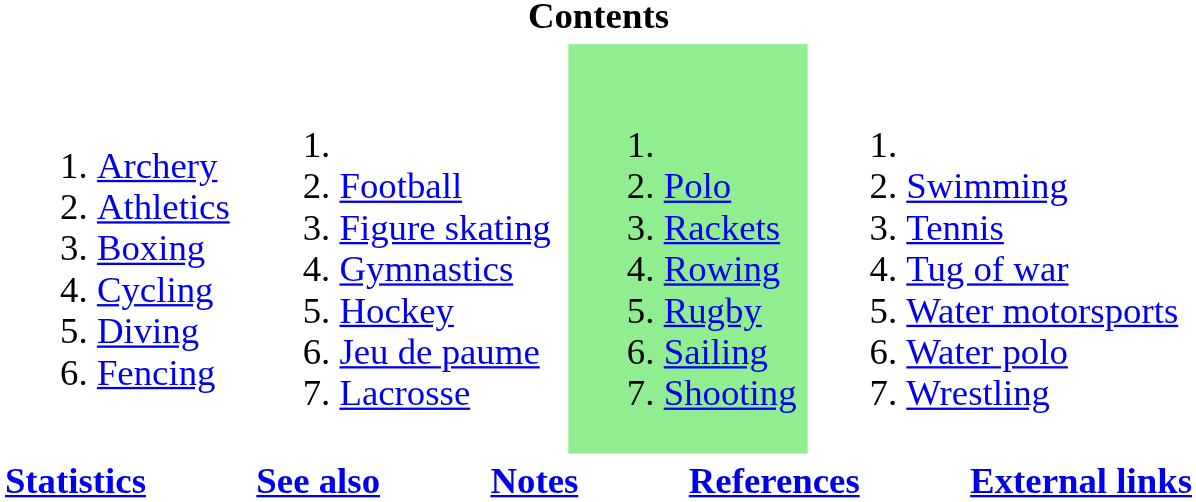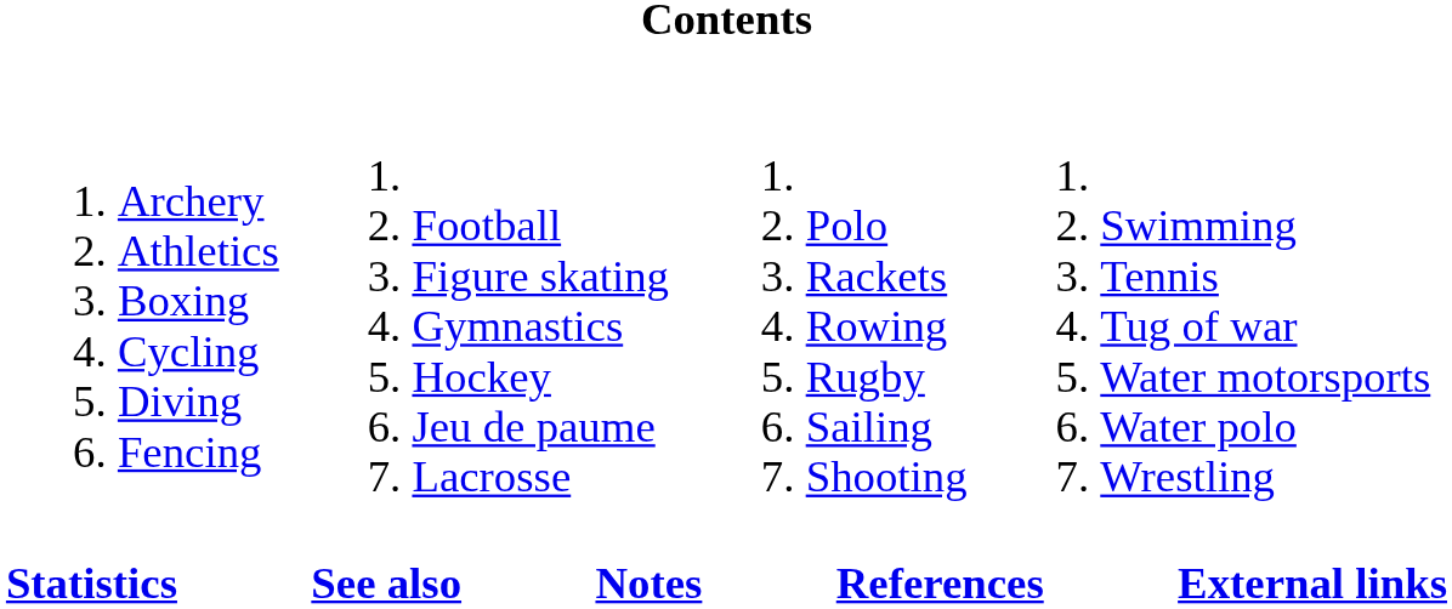 <table id="toc" class="toc" summary="Contents">
 <tr>
 <td align="center" colspan=4><strong>Contents</strong></td>
 </tr>
 <tr>
 <td><br><ol><li><a href='#'>Archery</a></li><li><a href='#'>Athletics</a></li><li><a href='#'>Boxing</a></li><li><a href='#'>Cycling</a></li><li><a href='#'>Diving</a></li><li><a href='#'>Fencing</a></li></ol></td>
 <td valign=top><br><ol><li><li><a href='#'>Football</a></li><li><a href='#'>Figure skating</a></li><li><a href='#'>Gymnastics</a></li><li><a href='#'>Hockey</a></li><li><a href='#'>Jeu de paume</a></li><li><a href='#'>Lacrosse</a></li></ol></td>
-<td valign=top style="background: lightgreen;"><br><ol><li><li><a href='#'>Polo</a></li><li><a href='#'>Rackets</a></li><li><a href='#'>Rowing</a></li><li><a href='#'>Rugby</a></li><li><a href='#'>Sailing</a></li><li><a href='#'>Shooting</a></li></ol></td>
+<td valign=top><br><ol><li><li><a href='#'>Polo</a></li><li><a href='#'>Rackets</a></li><li><a href='#'>Rowing</a></li><li><a href='#'>Rugby</a></li><li><a href='#'>Sailing</a></li><li><a href='#'>Shooting</a></li></ol></td>
 <td valign=top><br><ol><li><li><a href='#'>Swimming</a></li><li><a href='#'>Tennis</a></li><li><a href='#'>Tug of war</a></li><li><a href='#'>Water motorsports</a></li><li><a href='#'>Water polo</a></li><li><a href='#'>Wrestling</a></li></ol></td>
 </tr>
 <tr>
 <td align=center colspan=4><strong><a href='#'>Statistics</a></strong>   <strong><a href='#'>See also</a></strong>   <strong><a href='#'>Notes</a></strong>   <strong><a href='#'>References</a></strong>   <strong><a href='#'>External links</a></strong></td>
 </tr>
 </table>
